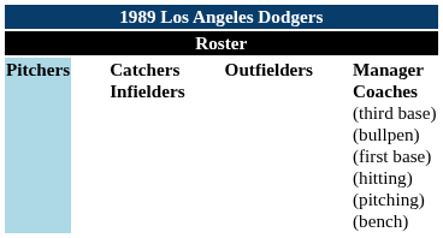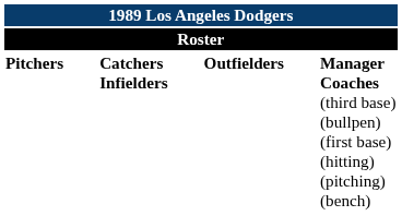 <table class="toccolours" style="font-size: 95%;">
 <tr>
 <th colspan="10" style="background-color: #083c6b; color: #FFFFFF; text-align: center;">1989 Los Angeles Dodgers</th>
 </tr>
 <tr>
 <td colspan="10" style="background-color: black; color: #FFFFFF; text-align: center;"><strong>Roster</strong></td>
 </tr>
 <tr>
-<td valign="top" style="background: lightblue;"><strong>Pitchers</strong><br>                       </td>
+<td valign="top"><strong>Pitchers</strong><br>                       </td>
 <td width="25px"></td>
 <td valign="top"><strong>Catchers</strong><br>   <strong>Infielders</strong>         </td>
 <td width="25px"></td>
 <td valign="top"><strong>Outfielders</strong><br>           </td>
 <td width="25px"></td>
 <td valign="top"><strong>Manager</strong><br> <strong>Coaches</strong> <br> (third base)  <br>(bullpen)  <br>(first base)  <br>(hitting)   <br> (pitching)  <br>(bench)</td>
 </tr>
 </table>
